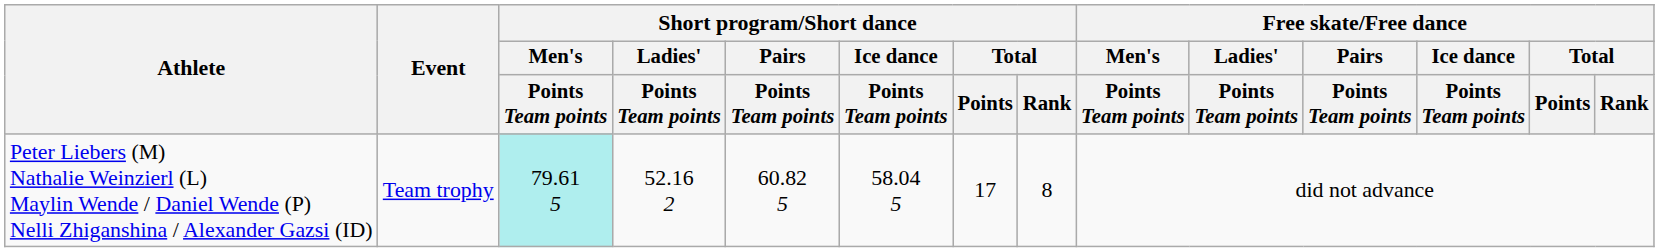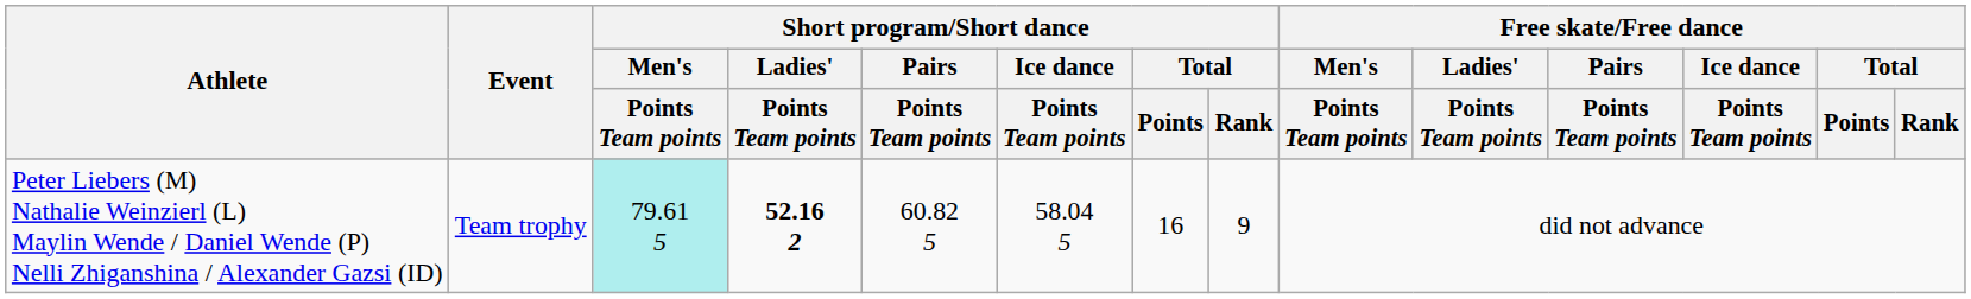 <table class="wikitable" style="font-size:90%">
 <tr>
 <th rowspan=3>Athlete</th>
 <th rowspan=3>Event</th>
 <th colspan=6>Short program/Short dance</th>
 <th colspan=6>Free skate/Free dance</th>
 </tr>
 <tr style="font-size:95%">
 <th>Men's</th>
 <th>Ladies'</th>
 <th>Pairs</th>
 <th>Ice dance</th>
 <th colspan=2>Total</th>
 <th>Men's</th>
 <th>Ladies'</th>
 <th>Pairs</th>
 <th>Ice dance</th>
 <th colspan=2>Total</th>
 </tr>
 <tr style="font-size:95%">
 <th>Points<br><em>Team points</em></th>
 <th>Points<br><em>Team points</em></th>
 <th>Points<br><em>Team points</em></th>
 <th>Points<br><em>Team points</em></th>
 <th>Points</th>
 <th>Rank</th>
 <th>Points<br><em>Team points</em></th>
 <th>Points<br><em>Team points</em></th>
 <th>Points<br><em>Team points</em></th>
 <th>Points<br><em>Team points</em></th>
 <th>Points</th>
 <th>Rank</th>
 </tr>
 <tr align=center>
 <td align=left><a href='#'>Peter Liebers</a> (M)<br><a href='#'>Nathalie Weinzierl</a> (L)<br><a href='#'>Maylin Wende</a> / <a href='#'>Daniel Wende</a> (P)<br><a href='#'>Nelli Zhiganshina</a> / <a href='#'>Alexander Gazsi</a> (ID)</td>
 <td align=left><a href='#'>Team trophy</a></td>
 <td style="background: paleturquoise;">79.61<br><em>5</em></td>
-<td>52.16<br><em>2</em></td>
+<td><strong>52.16<br><em>2</em></strong></td>
 <td>60.82<br><em>5</em></td>
 <td>58.04<br><em>5</em></td>
-<td>17</td>
-<td>8</td>
+<td>16</td>
+<td>9</td>
 <td colspan=6>did not advance</td>
 </tr>
 </table>
